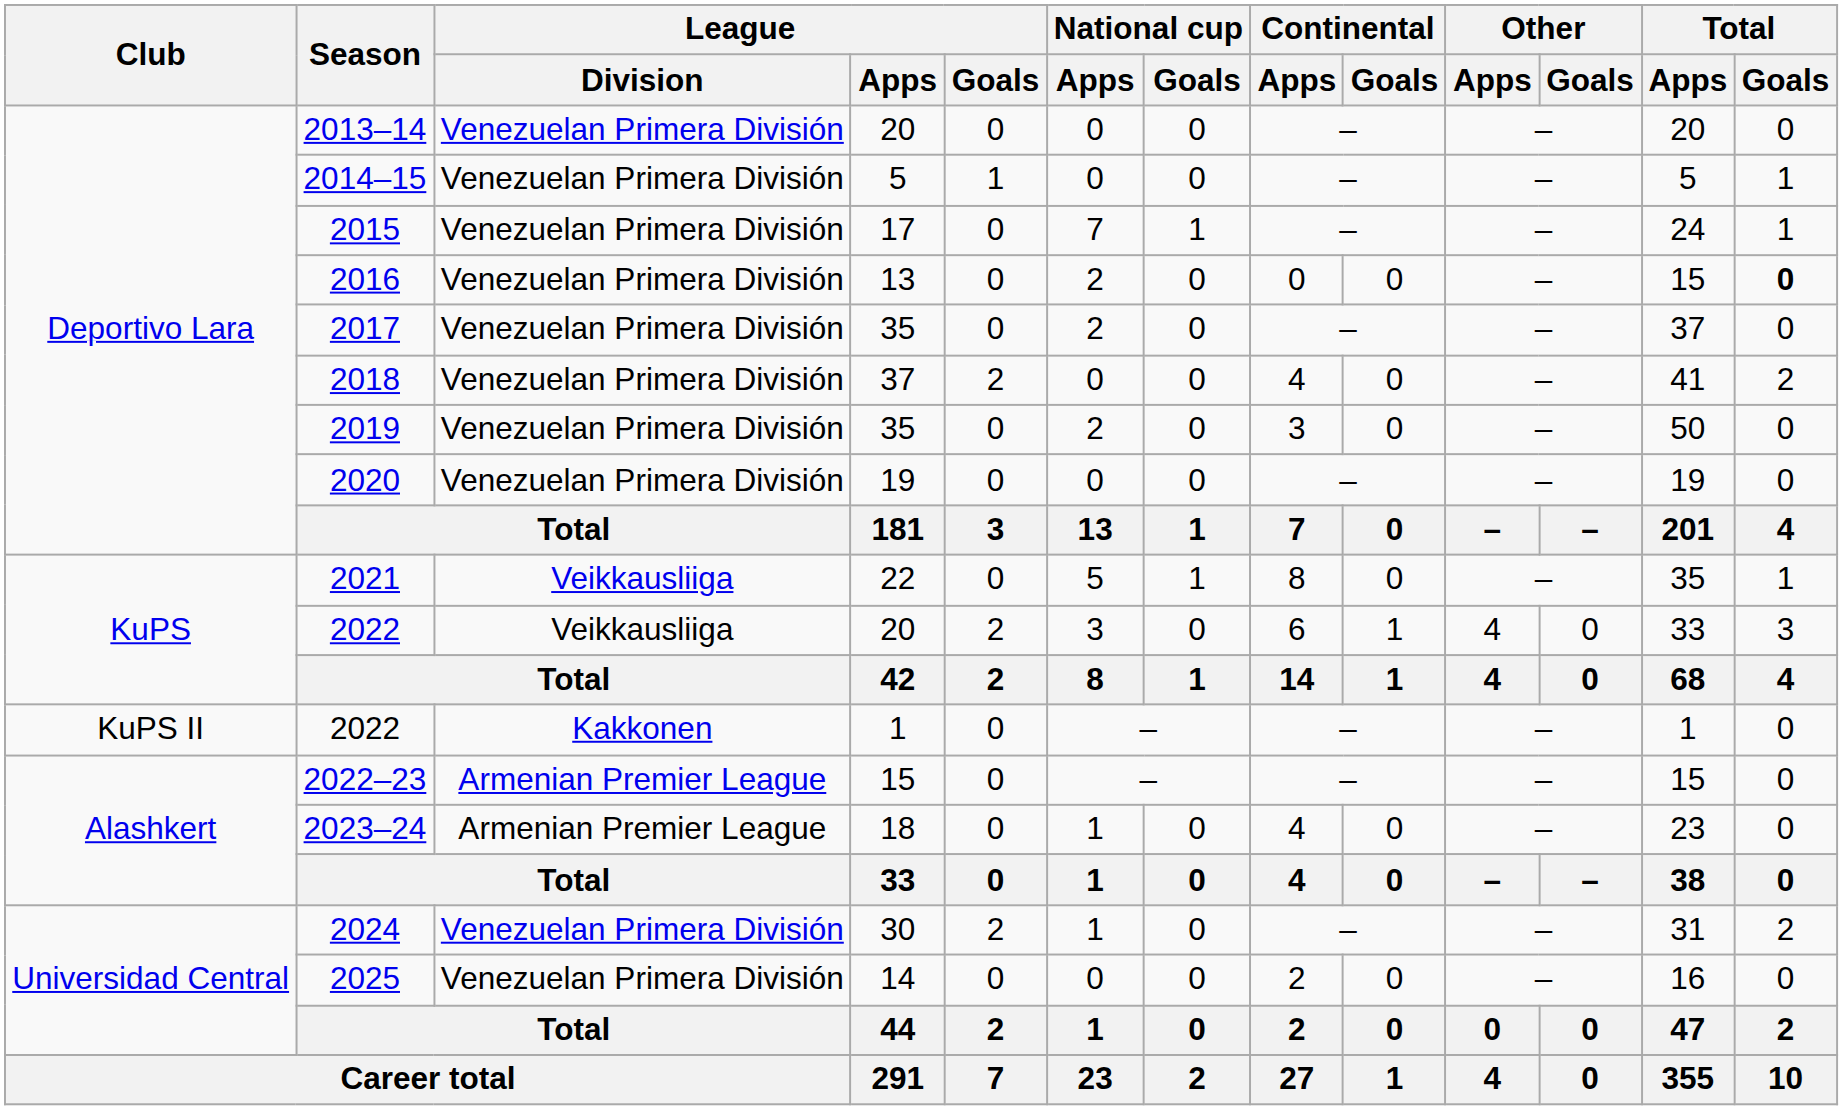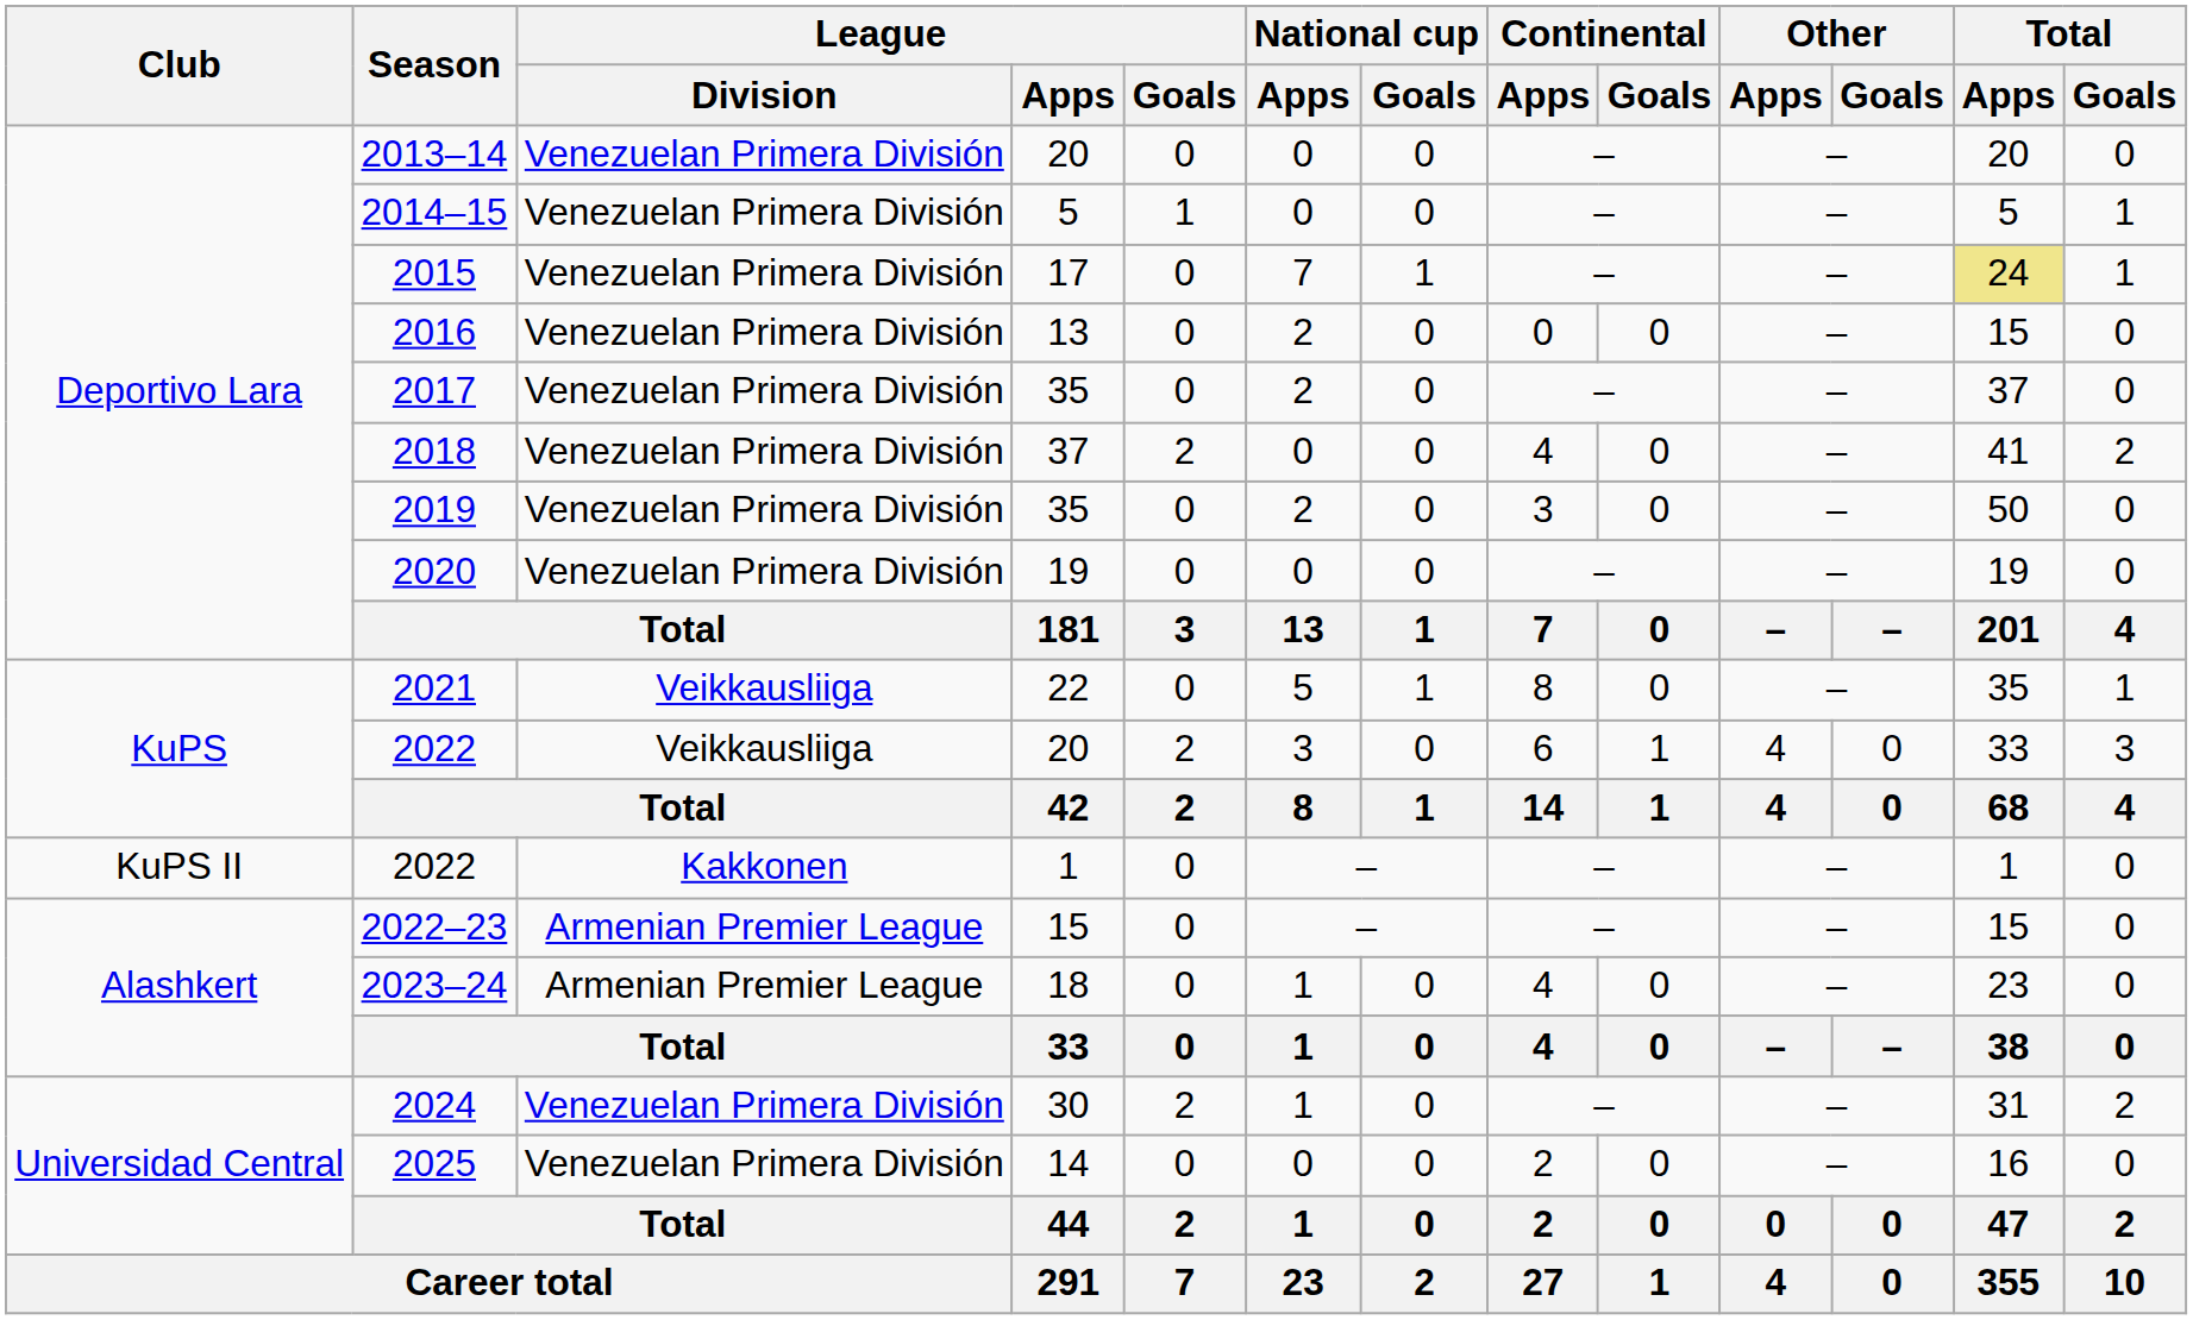 <table class="wikitable" style="text-align:center">
 <tr>
 <th rowspan="2">Club</th>
 <th rowspan="2">Season</th>
 <th colspan="3">League</th>
 <th colspan="2">National cup</th>
 <th colspan="2">Continental</th>
 <th colspan="2">Other</th>
 <th colspan="2">Total</th>
 </tr>
 <tr>
 <th>Division</th>
 <th>Apps</th>
 <th>Goals</th>
 <th>Apps</th>
 <th>Goals</th>
 <th>Apps</th>
 <th>Goals</th>
 <th>Apps</th>
 <th>Goals</th>
 <th>Apps</th>
 <th>Goals</th>
 </tr>
 <tr>
 <td rowspan="9"><a href='#'>Deportivo Lara</a></td>
 <td><a href='#'>2013–14</a></td>
 <td><a href='#'>Venezuelan Primera División</a></td>
 <td>20</td>
 <td>0</td>
 <td>0</td>
 <td>0</td>
 <td colspan="2">–</td>
 <td colspan="2">–</td>
 <td>20</td>
 <td>0</td>
 </tr>
 <tr>
 <td><a href='#'>2014–15</a></td>
 <td>Venezuelan Primera División</td>
 <td>5</td>
 <td>1</td>
 <td>0</td>
 <td>0</td>
 <td colspan="2">–</td>
 <td colspan="2">–</td>
 <td>5</td>
 <td>1</td>
 </tr>
 <tr>
 <td><a href='#'>2015</a></td>
 <td>Venezuelan Primera División</td>
 <td>17</td>
 <td>0</td>
 <td>7</td>
 <td>1</td>
 <td colspan="2">–</td>
 <td colspan="2">–</td>
-<td>24</td>
+<td style="background: khaki;">24</td>
 <td>1</td>
 </tr>
 <tr>
 <td><a href='#'>2016</a></td>
 <td>Venezuelan Primera División</td>
 <td>13</td>
 <td>0</td>
 <td>2</td>
 <td>0</td>
 <td>0</td>
 <td>0</td>
 <td colspan="2">–</td>
 <td>15</td>
-<td><strong>0</strong></td>
+<td>0</td>
 </tr>
 <tr>
 <td><a href='#'>2017</a></td>
 <td>Venezuelan Primera División</td>
 <td>35</td>
 <td>0</td>
 <td>2</td>
 <td>0</td>
 <td colspan="2">–</td>
 <td colspan="2">–</td>
 <td>37</td>
 <td>0</td>
 </tr>
 <tr>
 <td><a href='#'>2018</a></td>
 <td>Venezuelan Primera División</td>
 <td>37</td>
 <td>2</td>
 <td>0</td>
 <td>0</td>
 <td>4</td>
 <td>0</td>
 <td colspan="2">–</td>
 <td>41</td>
 <td>2</td>
 </tr>
 <tr>
 <td><a href='#'>2019</a></td>
 <td>Venezuelan Primera División</td>
 <td>35</td>
 <td>0</td>
 <td>2</td>
 <td>0</td>
 <td>3</td>
 <td>0</td>
 <td colspan="2">–</td>
 <td>50</td>
 <td>0</td>
 </tr>
 <tr>
 <td><a href='#'>2020</a></td>
 <td>Venezuelan Primera División</td>
 <td>19</td>
 <td>0</td>
 <td>0</td>
 <td>0</td>
 <td colspan="2">–</td>
 <td colspan="2">–</td>
 <td>19</td>
 <td>0</td>
 </tr>
 <tr>
 <th colspan="2">Total</th>
 <th>181</th>
 <th>3</th>
 <th>13</th>
 <th>1</th>
 <th>7</th>
 <th>0</th>
 <th>–</th>
 <th>–</th>
 <th>201</th>
 <th>4</th>
 </tr>
 <tr>
 <td rowspan="3"><a href='#'>KuPS</a></td>
 <td><a href='#'>2021</a></td>
 <td><a href='#'>Veikkausliiga</a></td>
 <td>22</td>
 <td>0</td>
 <td>5</td>
 <td>1</td>
 <td>8</td>
 <td>0</td>
 <td colspan="2">–</td>
 <td>35</td>
 <td>1</td>
 </tr>
 <tr>
 <td><a href='#'>2022</a></td>
 <td>Veikkausliiga</td>
 <td>20</td>
 <td>2</td>
 <td>3</td>
 <td>0</td>
 <td>6</td>
 <td>1</td>
 <td>4</td>
 <td>0</td>
 <td>33</td>
 <td>3</td>
 </tr>
 <tr>
 <th colspan="2">Total</th>
 <th>42</th>
 <th>2</th>
 <th>8</th>
 <th>1</th>
 <th>14</th>
 <th>1</th>
 <th>4</th>
 <th>0</th>
 <th>68</th>
 <th>4</th>
 </tr>
 <tr>
 <td>KuPS II</td>
 <td>2022</td>
 <td><a href='#'>Kakkonen</a></td>
 <td>1</td>
 <td>0</td>
 <td colspan="2">–</td>
 <td colspan="2">–</td>
 <td colspan="2">–</td>
 <td>1</td>
 <td>0</td>
 </tr>
 <tr>
 <td rowspan="3"><a href='#'>Alashkert</a></td>
 <td><a href='#'>2022–23</a></td>
 <td><a href='#'>Armenian Premier League</a></td>
 <td>15</td>
 <td>0</td>
 <td colspan="2">–</td>
 <td colspan="2">–</td>
 <td colspan="2">–</td>
 <td>15</td>
 <td>0</td>
 </tr>
 <tr>
 <td><a href='#'>2023–24</a></td>
 <td>Armenian Premier League</td>
 <td>18</td>
 <td>0</td>
 <td>1</td>
 <td>0</td>
 <td>4</td>
 <td>0</td>
 <td colspan="2">–</td>
 <td>23</td>
 <td>0</td>
 </tr>
 <tr>
 <th colspan="2">Total</th>
 <th>33</th>
 <th>0</th>
 <th>1</th>
 <th>0</th>
 <th>4</th>
 <th>0</th>
 <th>–</th>
 <th>–</th>
 <th>38</th>
 <th>0</th>
 </tr>
 <tr>
 <td rowspan=3><a href='#'>Universidad Central</a></td>
 <td><a href='#'>2024</a></td>
 <td><a href='#'>Venezuelan Primera División</a></td>
 <td>30</td>
 <td>2</td>
 <td>1</td>
 <td>0</td>
 <td colspan="2">–</td>
 <td colspan="2">–</td>
 <td>31</td>
 <td>2</td>
 </tr>
 <tr>
 <td><a href='#'>2025</a></td>
 <td>Venezuelan Primera División</td>
 <td>14</td>
 <td>0</td>
 <td>0</td>
 <td>0</td>
 <td>2</td>
 <td>0</td>
 <td colspan=2>–</td>
 <td>16</td>
 <td>0</td>
 </tr>
 <tr>
 <th colspan=2>Total</th>
 <th>44</th>
 <th>2</th>
 <th>1</th>
 <th>0</th>
 <th>2</th>
 <th>0</th>
 <th>0</th>
 <th>0</th>
 <th>47</th>
 <th>2</th>
 </tr>
 <tr>
 <th colspan="3">Career total</th>
 <th>291</th>
 <th>7</th>
 <th>23</th>
 <th>2</th>
 <th>27</th>
 <th>1</th>
 <th>4</th>
 <th>0</th>
 <th>355</th>
 <th>10</th>
 </tr>
 </table>
